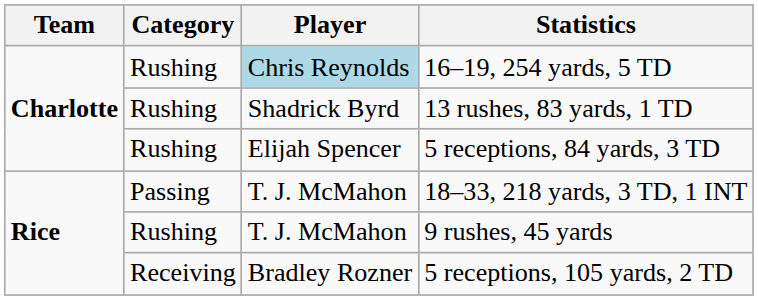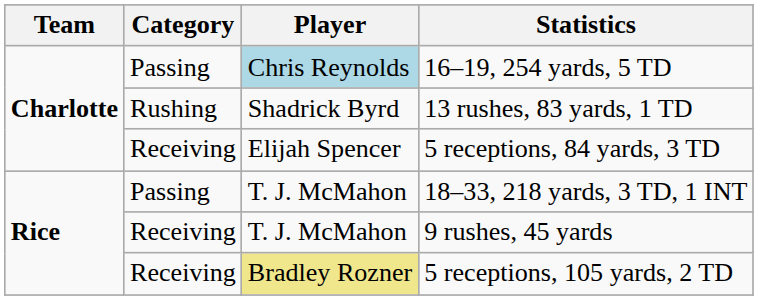 <table class="wikitable" style="float: left;">
 <tr>
 <th>Team</th>
 <th>Category</th>
 <th>Player</th>
 <th>Statistics</th>
 </tr>
 <tr>
 <td rowspan=3><strong>Charlotte</strong></td>
-<td>Rushing</td>
+<td>Passing</td>
 <td style="background: lightblue;">Chris Reynolds</td>
 <td>16–19, 254 yards, 5 TD</td>
 </tr>
 <tr>
 <td>Rushing</td>
 <td>Shadrick Byrd</td>
 <td>13 rushes, 83 yards, 1 TD</td>
 </tr>
 <tr>
-<td>Rushing</td>
+<td>Receiving</td>
 <td>Elijah Spencer</td>
 <td>5 receptions, 84 yards, 3 TD</td>
 </tr>
 <tr>
 <td rowspan=3><strong>Rice</strong></td>
 <td>Passing</td>
 <td>T. J. McMahon</td>
 <td>18–33, 218 yards, 3 TD, 1 INT</td>
 </tr>
 <tr>
-<td>Rushing</td>
+<td>Receiving</td>
 <td>T. J. McMahon</td>
 <td>9 rushes, 45 yards</td>
 </tr>
 <tr>
 <td>Receiving</td>
-<td>Bradley Rozner</td>
+<td style="background: khaki;">Bradley Rozner</td>
 <td>5 receptions, 105 yards, 2 TD</td>
 </tr>
 </table>
